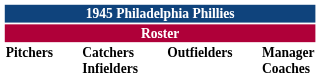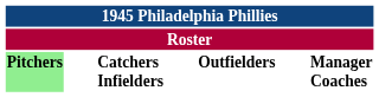 <table class="toccolours" style="font-size: 95%;">
 <tr>
 <th colspan="10" style="background-color: #0f437c; color: white; text-align: center;">1945 Philadelphia Phillies</th>
 </tr>
 <tr>
 <td colspan="10" style="background-color: #af0039; color: white; text-align: center;"><strong>Roster</strong></td>
 </tr>
 <tr>
-<td valign="top"><strong>Pitchers</strong><br>                  </td>
+<td valign="top" style="background: lightgreen;"><strong>Pitchers</strong><br>                  </td>
 <td width="25px"></td>
 <td valign="top"><strong>Catchers</strong><br>     <strong>Infielders</strong>             </td>
 <td width="25px"></td>
 <td valign="top"><strong>Outfielders</strong><br>         </td>
 <td width="25px"></td>
 <td valign="top"><strong>Manager</strong><br>  <strong>Coaches</strong>  </td>
 </tr>
 </table>
